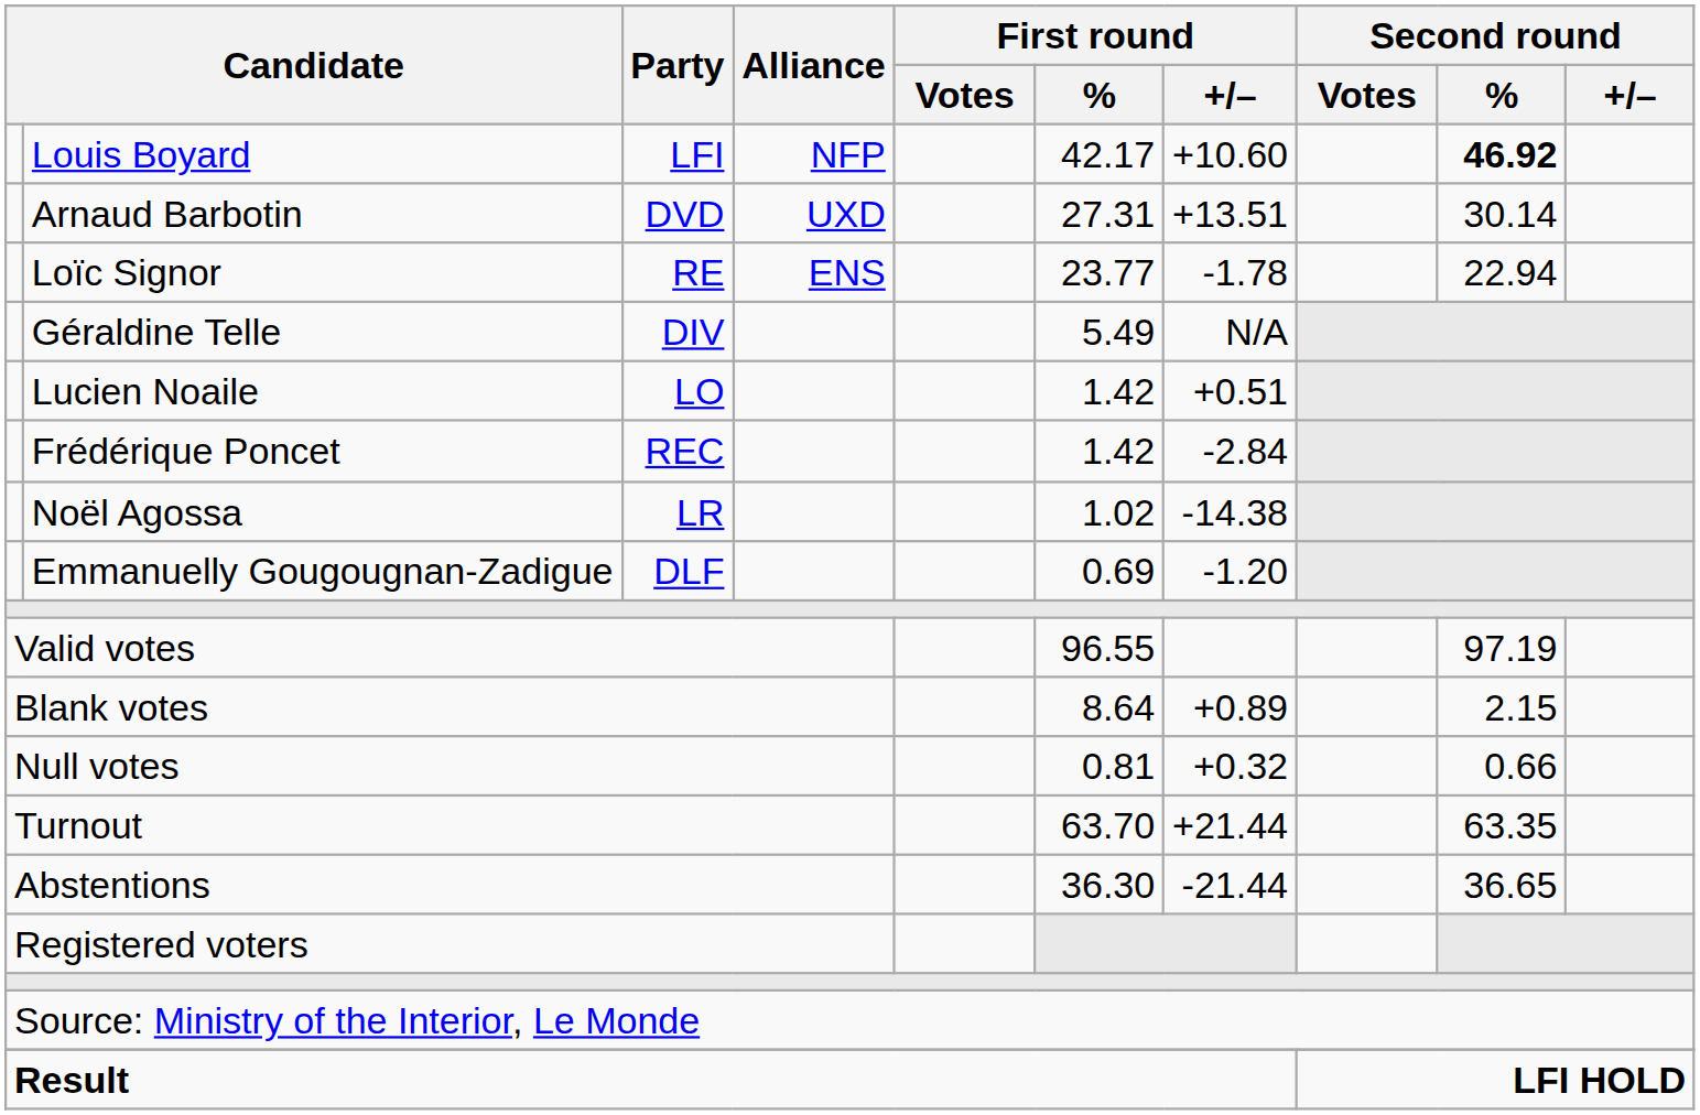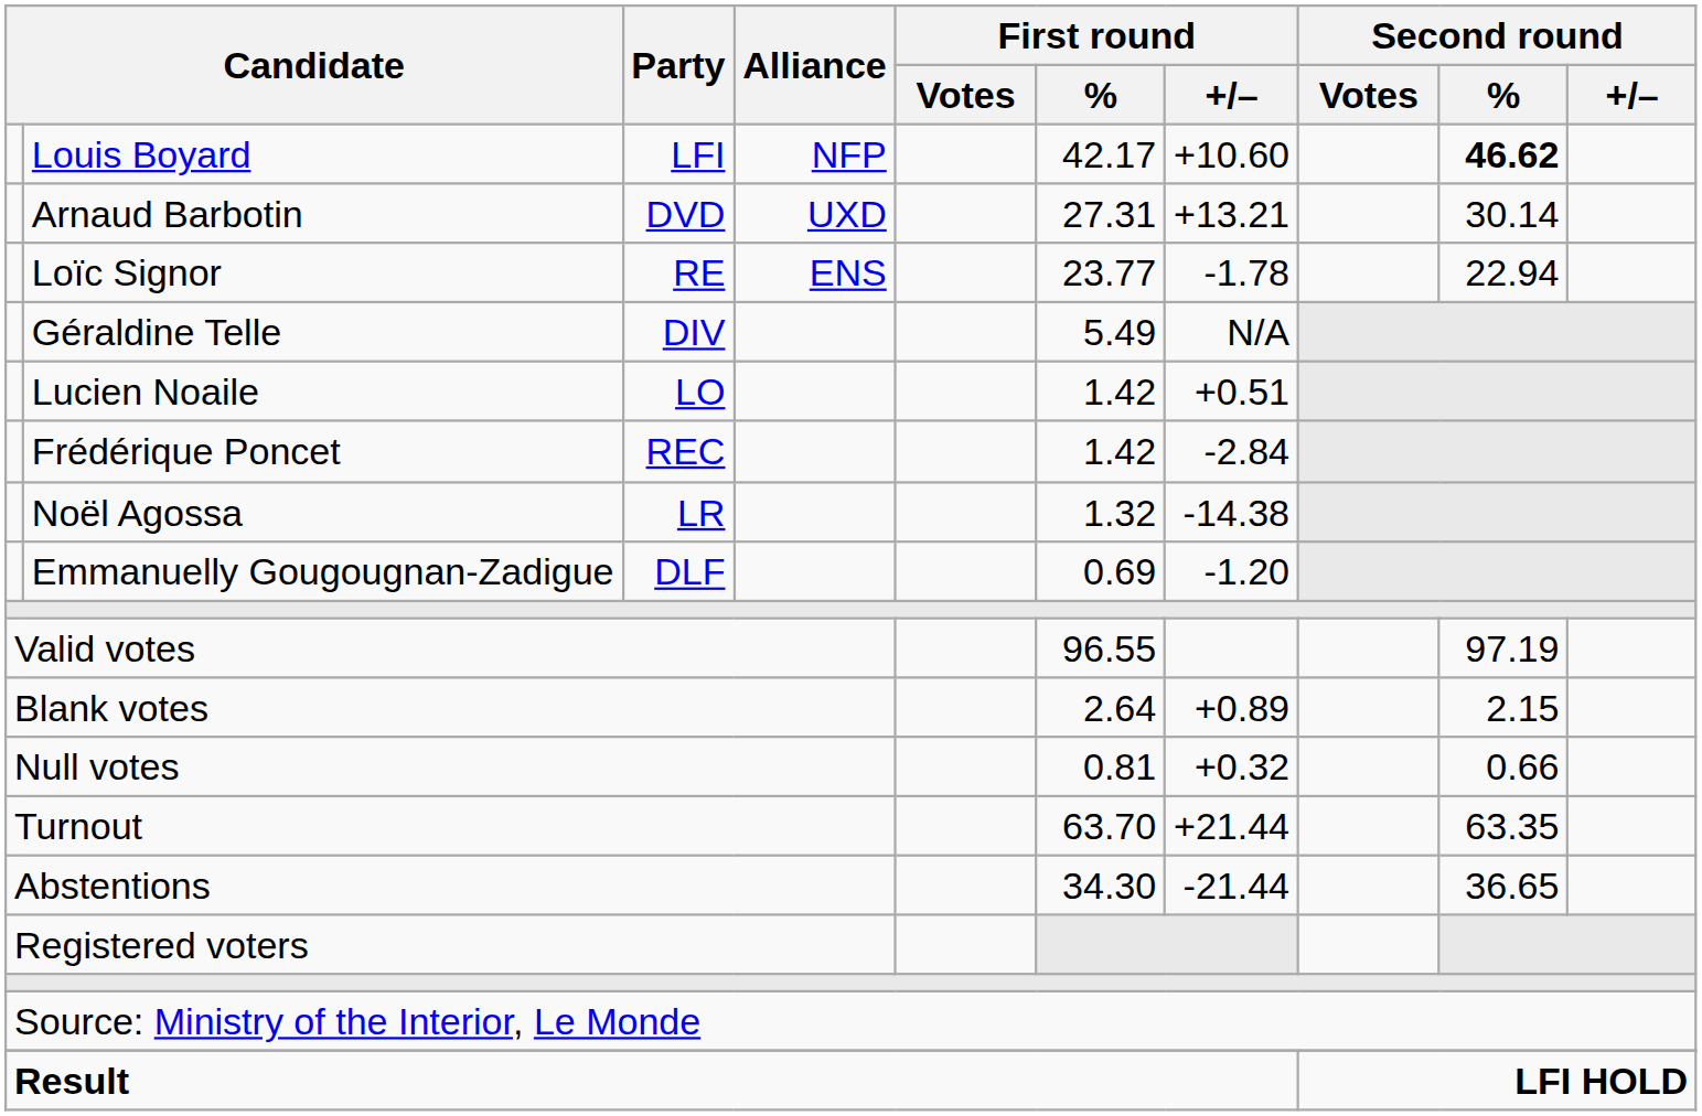 <table class="wikitable" style="text-align:right;font-size:95%;">
 <tr>
 <th rowspan="2" colspan="2">Candidate</th>
 <th rowspan="2">Party</th>
 <th rowspan="2">Alliance</th>
 <th colspan="3">First round</th>
 <th colspan="3">Second round</th>
 </tr>
 <tr>
 <th style="width:50px;">Votes</th>
 <th style="width:45px;">%</th>
 <th style="width:45px;">+/–</th>
 <th style="width:50px;">Votes</th>
 <th style="width:45px;">%</th>
 <th style="width:45px;">+/–</th>
 </tr>
 <tr>
 <td style="color:inherit;background:"></td>
 <td style="text-align:left;"><a href='#'>Louis Boyard</a></td>
 <td><a href='#'>LFI</a></td>
 <td><a href='#'>NFP</a></td>
 <td></td>
 <td>42.17</td>
 <td>+10.60</td>
 <td><strong></strong></td>
-<td><strong>46.92</strong></td>
+<td><strong>46.62</strong></td>
 <td></td>
 </tr>
 <tr>
 <td style="color:inherit;background:"></td>
 <td style="text-align:left;">Arnaud Barbotin</td>
 <td><a href='#'>DVD</a></td>
 <td><a href='#'>UXD</a></td>
 <td></td>
 <td>27.31</td>
-<td>+13.51</td>
+<td>+13.21</td>
 <td></td>
 <td>30.14</td>
 <td></td>
 </tr>
 <tr>
 <td style="color:inherit;background:"></td>
 <td style="text-align:left;">Loïc Signor</td>
 <td><a href='#'>RE</a></td>
 <td><a href='#'>ENS</a></td>
 <td></td>
 <td>23.77</td>
 <td>-1.78</td>
 <td></td>
 <td>22.94</td>
 <td></td>
 </tr>
 <tr>
 <td style="color:inherit;background:"></td>
 <td style="text-align:left;">Géraldine Telle</td>
 <td><a href='#'>DIV</a></td>
 <td></td>
 <td></td>
 <td>5.49</td>
 <td>N/A</td>
 <td colspan="3" style="background:#E9E9E9;"></td>
 </tr>
 <tr>
 <td style="color:inherit;background:"></td>
 <td style="text-align:left;">Lucien Noaile</td>
 <td><a href='#'>LO</a></td>
 <td></td>
 <td></td>
 <td>1.42</td>
 <td>+0.51</td>
 <td colspan="3" style="background:#E9E9E9;"></td>
 </tr>
 <tr>
 <td style="color:inherit;background:"></td>
 <td style="text-align:left;">Frédérique Poncet</td>
 <td><a href='#'>REC</a></td>
 <td></td>
 <td></td>
 <td>1.42</td>
 <td>-2.84</td>
 <td colspan="3" style="background:#E9E9E9;"></td>
 </tr>
 <tr>
 <td style="color:inherit;background:"></td>
 <td style="text-align:left;">Noël Agossa</td>
 <td><a href='#'>LR</a></td>
 <td></td>
 <td></td>
-<td>1.02</td>
+<td>1.32</td>
 <td>-14.38</td>
 <td colspan="3" style="background:#E9E9E9;"></td>
 </tr>
 <tr>
 <td style="color:inherit;background:"></td>
 <td style="text-align:left;">Emmanuelly Gougougnan-Zadigue</td>
 <td><a href='#'>DLF</a></td>
 <td></td>
 <td></td>
 <td>0.69</td>
 <td>-1.20</td>
 <td colspan="3" style="background:#E9E9E9;"></td>
 </tr>
 <tr>
 <td colspan="10" style="background:#E9E9E9;"></td>
 </tr>
 <tr>
 <td colspan="4" style="text-align:left;">Valid votes</td>
 <td></td>
 <td>96.55</td>
 <td></td>
 <td></td>
 <td>97.19</td>
 <td></td>
 </tr>
 <tr>
 <td colspan="4" style="text-align:left;">Blank votes</td>
 <td></td>
-<td>8.64</td>
+<td>2.64</td>
 <td>+0.89</td>
 <td></td>
 <td>2.15</td>
 <td></td>
 </tr>
 <tr>
 <td colspan="4" style="text-align:left;">Null votes</td>
 <td></td>
 <td>0.81</td>
 <td>+0.32</td>
 <td></td>
 <td>0.66</td>
 <td></td>
 </tr>
 <tr>
 <td colspan="4" style="text-align:left;">Turnout</td>
 <td></td>
 <td>63.70</td>
 <td>+21.44</td>
 <td></td>
 <td>63.35</td>
 <td></td>
 </tr>
 <tr>
 <td colspan="4" style="text-align:left;">Abstentions</td>
 <td></td>
-<td>36.30</td>
+<td>34.30</td>
 <td>-21.44</td>
 <td></td>
 <td>36.65</td>
 <td></td>
 </tr>
 <tr>
 <td colspan="4" style="text-align:left;">Registered voters</td>
 <td></td>
 <td colspan="2" style="background:#E9E9E9;"></td>
 <td></td>
 <td colspan="2" style="background:#E9E9E9;"></td>
 </tr>
 <tr>
 <td colspan="10" style="background:#E9E9E9;"></td>
 </tr>
 <tr>
 <td colspan="10" style="text-align:left;">Source: <a href='#'>Ministry of the Interior</a>, <a href='#'>Le Monde</a></td>
 </tr>
 <tr>
 </tr>
 <tr style="font-weight:bold">
 <td colspan="7" style="text-align:left;">Result</td>
 <td colspan="7" style="background-color:">LFI HOLD</td>
 </tr>
 </table>
